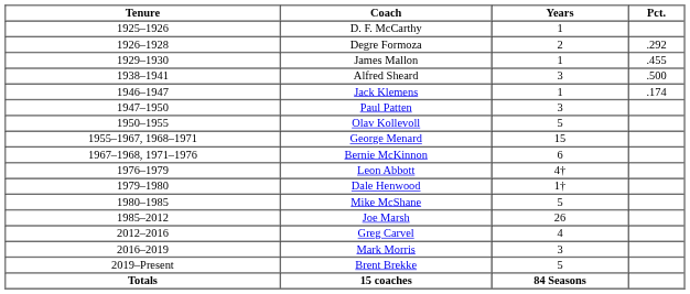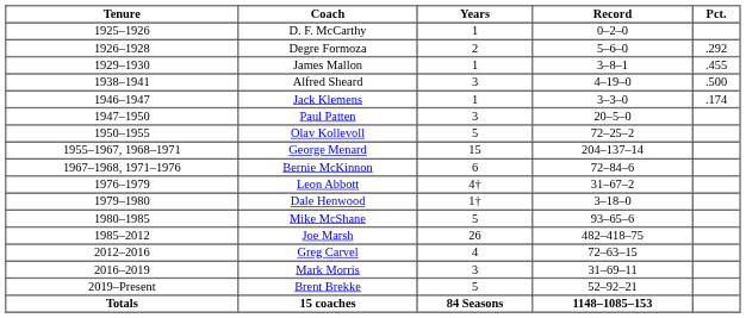 <table cellpadding="1" border="1" cellspacing="0" width="60%">
 <tr>
 <th>Tenure</th>
 <th>Coach</th>
 <th>Years</th>
+<th>Record</th>
 <th>Pct.</th>
 </tr>
 <tr style="text-align:center;">
 <td>1925–1926</td>
 <td>D. F. McCarthy</td>
 <td>1</td>
+<td>0–2–0</td>
 <td></td>
 </tr>
 <tr style="text-align:center;">
 <td>1926–1928</td>
 <td>Degre Formoza</td>
 <td>2</td>
+<td>5–6–0</td>
 <td>.292</td>
 </tr>
 <tr style="text-align:center;">
 <td>1929–1930</td>
 <td>James Mallon</td>
 <td>1</td>
+<td>3–8–1</td>
 <td>.455</td>
 </tr>
 <tr style="text-align:center;">
 <td>1938–1941</td>
 <td>Alfred Sheard</td>
 <td>3</td>
+<td>4–19–0</td>
 <td>.500</td>
 </tr>
 <tr style="text-align:center;">
 <td>1946–1947</td>
 <td><a href='#'>Jack Klemens</a></td>
 <td>1</td>
+<td>3–3–0</td>
 <td>.174</td>
 </tr>
 <tr style="text-align:center;">
 <td>1947–1950</td>
 <td><a href='#'>Paul Patten</a></td>
 <td>3</td>
+<td>20–5–0</td>
 <td></td>
 </tr>
 <tr style="text-align:center;">
 <td>1950–1955</td>
 <td><a href='#'>Olav Kollevoll</a></td>
 <td>5</td>
+<td>72–25–2</td>
 <td></td>
 </tr>
 <tr style="text-align:center;">
 <td>1955–1967, 1968–1971</td>
 <td><a href='#'>George Menard</a></td>
 <td>15</td>
+<td>204–137–14</td>
 <td></td>
 </tr>
 <tr style="text-align:center;">
 <td>1967–1968, 1971–1976</td>
 <td><a href='#'>Bernie McKinnon</a></td>
 <td>6</td>
+<td>72–84–6</td>
 <td></td>
 </tr>
 <tr style="text-align:center;">
 <td>1976–1979</td>
 <td><a href='#'>Leon Abbott</a></td>
 <td>4†</td>
+<td>31–67–2</td>
 <td></td>
 </tr>
 <tr style="text-align:center;">
 <td>1979–1980</td>
 <td><a href='#'>Dale Henwood</a></td>
 <td>1†</td>
+<td>3–18–0</td>
 <td></td>
 </tr>
 <tr align=center>
 <td>1980–1985</td>
 <td><a href='#'>Mike McShane</a></td>
 <td>5</td>
+<td>93–65–6</td>
 <td></td>
 </tr>
 <tr style="text-align:center;">
 <td>1985–2012</td>
 <td><a href='#'>Joe Marsh</a></td>
 <td>26</td>
+<td>482–418–75</td>
 <td></td>
 </tr>
 <tr style="text-align:center;">
 <td>2012–2016</td>
 <td><a href='#'>Greg Carvel</a></td>
 <td>4</td>
+<td>72–63–15</td>
 <td></td>
 </tr>
 <tr style="text-align:center;">
 <td>2016–2019</td>
 <td><a href='#'>Mark Morris</a></td>
 <td>3</td>
+<td>31–69–11</td>
 <td></td>
 </tr>
 <tr style="text-align:center;">
 <td>2019–Present</td>
 <td><a href='#'>Brent Brekke</a></td>
 <td>5</td>
+<td>52–92–21</td>
 <td></td>
 </tr>
 <tr style="text-align:center;">
 <th>Totals</th>
 <th>15 coaches</th>
 <th>84 Seasons</th>
+<th>1148–1085–153</th>
 <th></th>
 </tr>
 </table>
